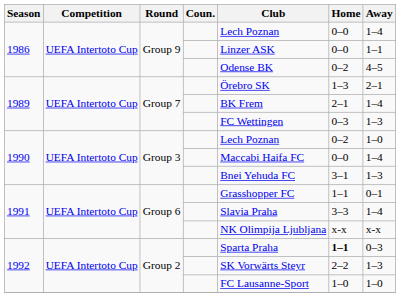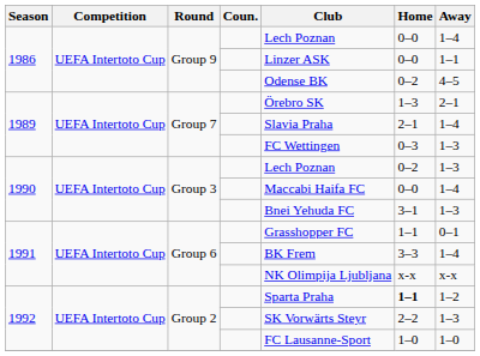 <table class="wikitable">
 <tr>
 <th>Season</th>
 <th>Competition</th>
 <th>Round</th>
 <th>Coun.</th>
 <th>Club</th>
 <th>Home</th>
 <th>Away</th>
 </tr>
 <tr>
 <td rowspan=3><a href='#'>1986</a></td>
 <td rowspan=3><a href='#'>UEFA Intertoto Cup</a></td>
 <td rowspan=3>Group 9</td>
 <td></td>
 <td><a href='#'>Lech Poznan</a></td>
 <td>0–0</td>
 <td>1–4</td>
 </tr>
 <tr>
 <td></td>
 <td><a href='#'>Linzer ASK</a></td>
 <td>0–0</td>
 <td>1–1</td>
 </tr>
 <tr>
 <td></td>
 <td><a href='#'>Odense BK</a></td>
 <td>0–2</td>
 <td>4–5</td>
 </tr>
 <tr>
 <td rowspan=3><a href='#'>1989</a></td>
 <td rowspan=3><a href='#'>UEFA Intertoto Cup</a></td>
 <td rowspan=3>Group 7</td>
 <td></td>
 <td><a href='#'>Örebro SK</a></td>
 <td>1–3</td>
 <td>2–1</td>
 </tr>
 <tr>
 <td></td>
-<td><a href='#'>BK Frem</a></td>
+<td><a href='#'>Slavia Praha</a></td>
 <td>2–1</td>
 <td>1–4</td>
 </tr>
 <tr>
 <td></td>
 <td><a href='#'>FC Wettingen</a></td>
 <td>0–3</td>
 <td>1–3</td>
 </tr>
 <tr>
 <td rowspan=3><a href='#'>1990</a></td>
 <td rowspan=3><a href='#'>UEFA Intertoto Cup</a></td>
 <td rowspan=3>Group 3</td>
 <td></td>
 <td><a href='#'>Lech Poznan</a></td>
 <td>0–2</td>
-<td>1–0</td>
+<td>1–3</td>
 </tr>
 <tr>
 <td></td>
 <td><a href='#'>Maccabi Haifa FC</a></td>
 <td>0–0</td>
 <td>1–4</td>
 </tr>
 <tr>
 <td></td>
 <td><a href='#'>Bnei Yehuda FC</a></td>
 <td>3–1</td>
 <td>1–3</td>
 </tr>
 <tr>
 <td rowspan=3><a href='#'>1991</a></td>
 <td rowspan=3><a href='#'>UEFA Intertoto Cup</a></td>
 <td rowspan=3>Group 6</td>
 <td></td>
 <td><a href='#'>Grasshopper FC</a></td>
 <td>1–1</td>
 <td>0–1</td>
 </tr>
 <tr>
 <td></td>
-<td><a href='#'>Slavia Praha</a></td>
+<td><a href='#'>BK Frem</a></td>
 <td>3–3</td>
 <td>1–4</td>
 </tr>
 <tr>
 <td></td>
 <td><a href='#'>NK Olimpija Ljubljana</a></td>
 <td>x-x</td>
 <td>x-x</td>
 </tr>
 <tr>
 <td rowspan=3><a href='#'>1992</a></td>
 <td rowspan=3><a href='#'>UEFA Intertoto Cup</a></td>
 <td rowspan=3>Group 2</td>
 <td></td>
 <td><a href='#'>Sparta Praha</a></td>
 <td><strong>1–1</strong></td>
-<td>0–3</td>
+<td>1–2</td>
 </tr>
 <tr>
 <td></td>
 <td><a href='#'>SK Vorwärts Steyr</a></td>
 <td>2–2</td>
 <td>1–3</td>
 </tr>
 <tr>
 <td></td>
 <td><a href='#'>FC Lausanne-Sport</a></td>
 <td>1–0</td>
 <td>1–0</td>
 </tr>
 <tr>
 </tr>
 </table>
